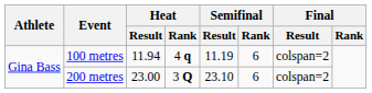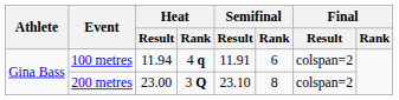 <table class="wikitable" style="font-size:90%">
 <tr>
 <th rowspan="2">Athlete</th>
 <th rowspan="2">Event</th>
 <th colspan="2">Heat</th>
 <th colspan="2">Semifinal</th>
 <th colspan="2">Final</th>
 </tr>
 <tr style="font-size:95%">
 <th>Result</th>
 <th>Rank</th>
 <th>Result</th>
 <th>Rank</th>
 <th>Result</th>
 <th>Rank</th>
 </tr>
 <tr align=center>
 <td rowspan=2 align=left><a href='#'>Gina Bass</a></td>
 <td align=left><a href='#'>100 metres</a></td>
 <td>11.94</td>
 <td>4 <strong>q</strong></td>
-<td>11.19</td>
+<td>11.91</td>
 <td>6</td>
 <td>colspan=2 </td>
 </tr>
 <tr align=center>
 <td align=left><a href='#'>200 metres</a></td>
 <td>23.00</td>
 <td>3 <strong>Q</strong></td>
 <td>23.10</td>
-<td>6</td>
+<td>8</td>
 <td>colspan=2 </td>
 </tr>
 </table>
